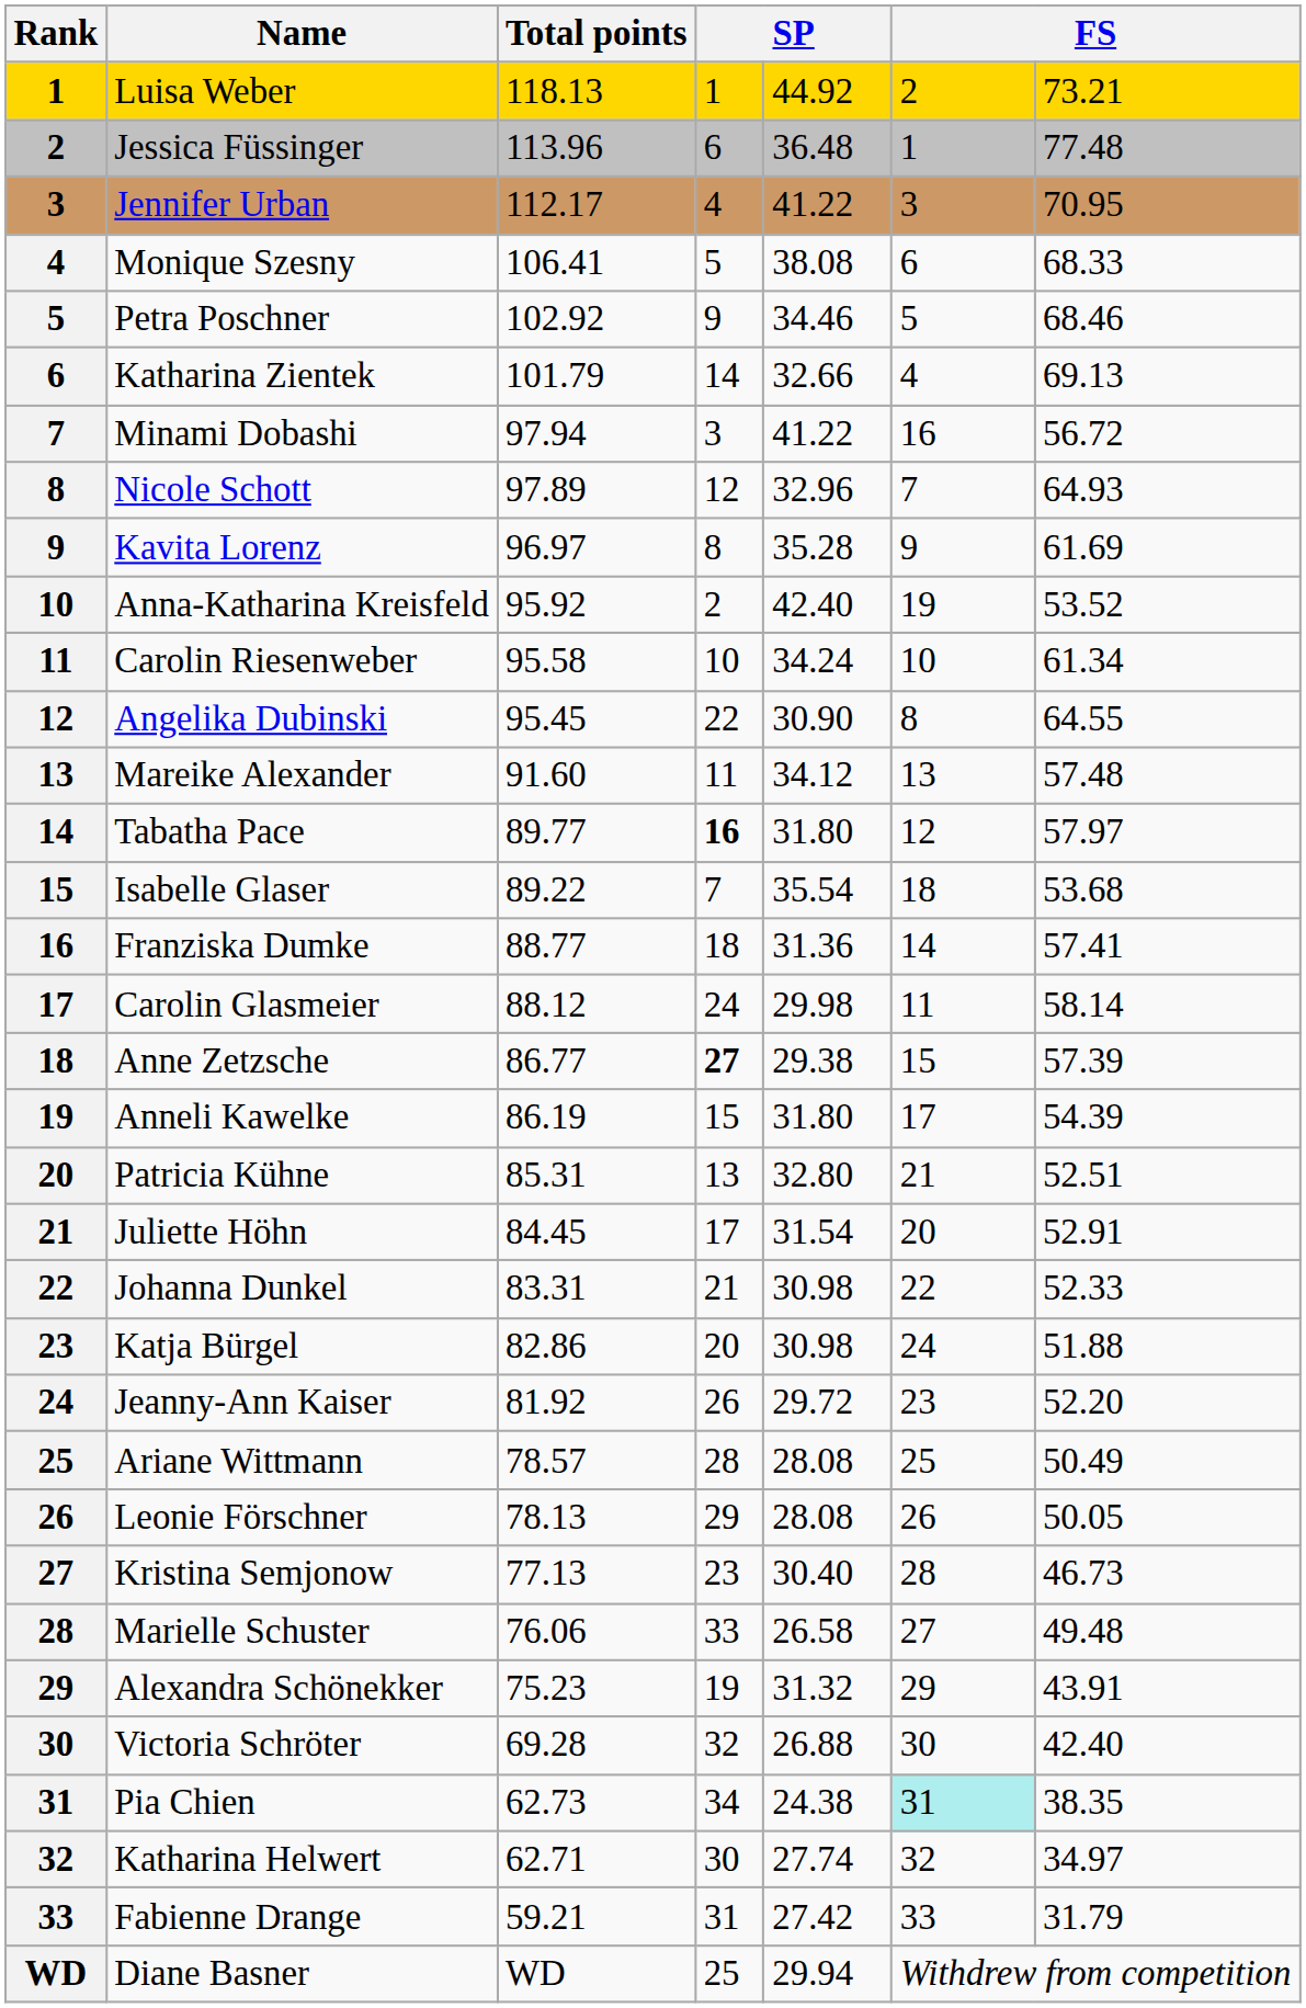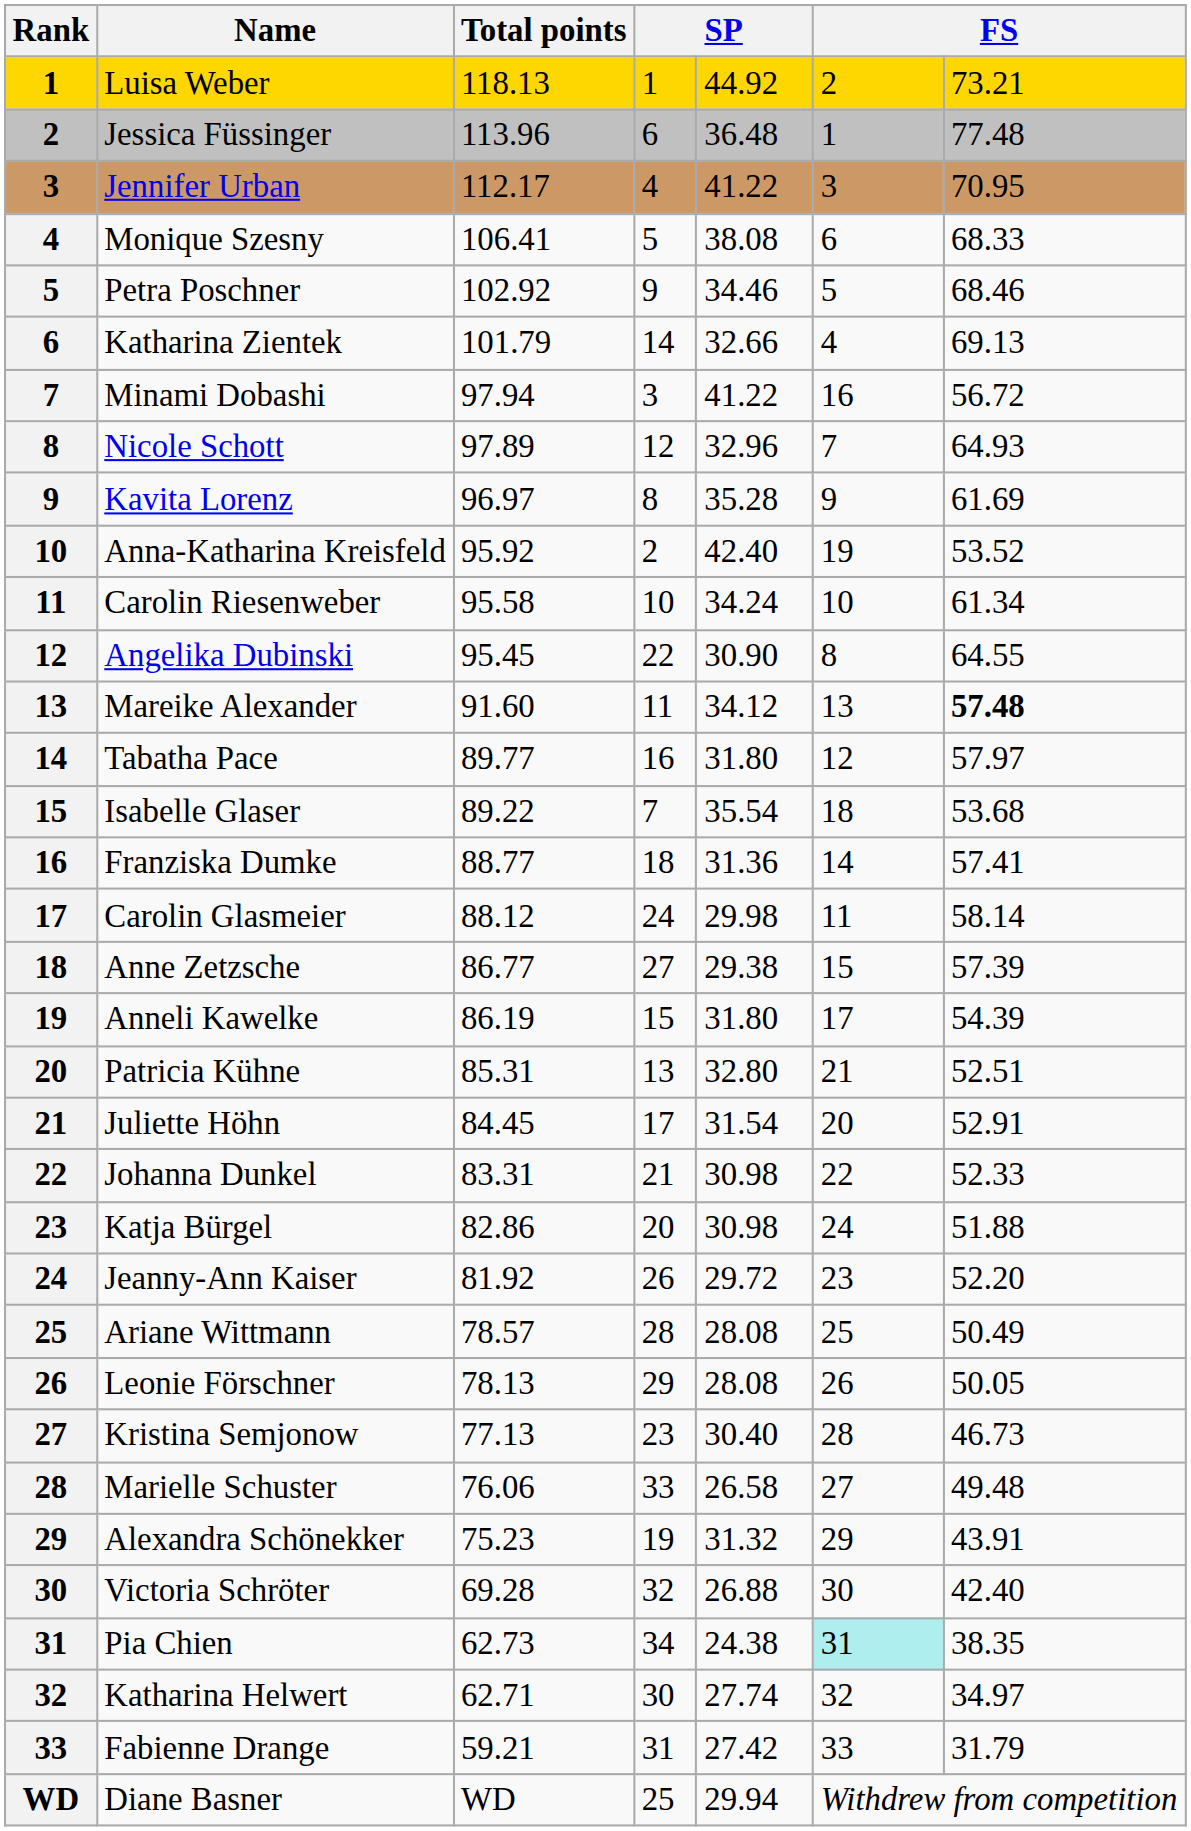 <table class="wikitable sortable">
 <tr>
 <th>Rank</th>
 <th>Name</th>
 <th>Total points</th>
 <th colspan="2" width="80px"><a href='#'>SP</a></th>
 <th colspan="2" width="80px"><a href='#'>FS</a></th>
 </tr>
 <tr bgcolor="gold">
 <td align="center"><strong>1</strong></td>
 <td>Luisa Weber</td>
 <td>118.13</td>
 <td>1</td>
 <td>44.92</td>
 <td>2</td>
 <td>73.21</td>
 </tr>
 <tr bgcolor="silver">
 <td align="center"><strong>2</strong></td>
 <td>Jessica Füssinger</td>
 <td>113.96</td>
 <td>6</td>
 <td>36.48</td>
 <td>1</td>
 <td>77.48</td>
 </tr>
 <tr bgcolor="cc9966">
 <td align="center"><strong>3</strong></td>
 <td><a href='#'>Jennifer Urban</a></td>
 <td>112.17</td>
 <td>4</td>
 <td>41.22</td>
 <td>3</td>
 <td>70.95</td>
 </tr>
 <tr>
 <th>4</th>
 <td>Monique Szesny</td>
 <td>106.41</td>
 <td>5</td>
 <td>38.08</td>
 <td>6</td>
 <td>68.33</td>
 </tr>
 <tr>
 <th>5</th>
 <td>Petra Poschner</td>
 <td>102.92</td>
 <td>9</td>
 <td>34.46</td>
 <td>5</td>
 <td>68.46</td>
 </tr>
 <tr>
 <th>6</th>
 <td>Katharina Zientek</td>
 <td>101.79</td>
 <td>14</td>
 <td>32.66</td>
 <td>4</td>
 <td>69.13</td>
 </tr>
 <tr>
 <th>7</th>
 <td>Minami Dobashi</td>
 <td>97.94</td>
 <td>3</td>
 <td>41.22</td>
 <td>16</td>
 <td>56.72</td>
 </tr>
 <tr>
 <th>8</th>
 <td><a href='#'>Nicole Schott</a></td>
 <td>97.89</td>
 <td>12</td>
 <td>32.96</td>
 <td>7</td>
 <td>64.93</td>
 </tr>
 <tr>
 <th>9</th>
 <td><a href='#'>Kavita Lorenz</a></td>
 <td>96.97</td>
 <td>8</td>
 <td>35.28</td>
 <td>9</td>
 <td>61.69</td>
 </tr>
 <tr>
 <th>10</th>
 <td>Anna-Katharina Kreisfeld</td>
 <td>95.92</td>
 <td>2</td>
 <td>42.40</td>
 <td>19</td>
 <td>53.52</td>
 </tr>
 <tr>
 <th>11</th>
 <td>Carolin Riesenweber</td>
 <td>95.58</td>
 <td>10</td>
 <td>34.24</td>
 <td>10</td>
 <td>61.34</td>
 </tr>
 <tr>
 <th>12</th>
 <td><a href='#'>Angelika Dubinski</a></td>
 <td>95.45</td>
 <td>22</td>
 <td>30.90</td>
 <td>8</td>
 <td>64.55</td>
 </tr>
 <tr>
 <th>13</th>
 <td>Mareike Alexander</td>
 <td>91.60</td>
 <td>11</td>
 <td>34.12</td>
 <td>13</td>
-<td>57.48</td>
+<td><strong>57.48</strong></td>
 </tr>
 <tr>
 <th>14</th>
 <td>Tabatha Pace</td>
 <td>89.77</td>
-<td><strong>16</strong></td>
+<td>16</td>
 <td>31.80</td>
 <td>12</td>
 <td>57.97</td>
 </tr>
 <tr>
 <th>15</th>
 <td>Isabelle Glaser</td>
 <td>89.22</td>
 <td>7</td>
 <td>35.54</td>
 <td>18</td>
 <td>53.68</td>
 </tr>
 <tr>
 <th>16</th>
 <td>Franziska Dumke</td>
 <td>88.77</td>
 <td>18</td>
 <td>31.36</td>
 <td>14</td>
 <td>57.41</td>
 </tr>
 <tr>
 <th>17</th>
 <td>Carolin Glasmeier</td>
 <td>88.12</td>
 <td>24</td>
 <td>29.98</td>
 <td>11</td>
 <td>58.14</td>
 </tr>
 <tr>
 <th>18</th>
 <td>Anne Zetzsche</td>
 <td>86.77</td>
-<td><strong>27</strong></td>
+<td>27</td>
 <td>29.38</td>
 <td>15</td>
 <td>57.39</td>
 </tr>
 <tr>
 <th>19</th>
 <td>Anneli Kawelke</td>
 <td>86.19</td>
 <td>15</td>
 <td>31.80</td>
 <td>17</td>
 <td>54.39</td>
 </tr>
 <tr>
 <th>20</th>
 <td>Patricia Kühne</td>
 <td>85.31</td>
 <td>13</td>
 <td>32.80</td>
 <td>21</td>
 <td>52.51</td>
 </tr>
 <tr>
 <th>21</th>
 <td>Juliette Höhn</td>
 <td>84.45</td>
 <td>17</td>
 <td>31.54</td>
 <td>20</td>
 <td>52.91</td>
 </tr>
 <tr>
 <th>22</th>
 <td>Johanna Dunkel</td>
 <td>83.31</td>
 <td>21</td>
 <td>30.98</td>
 <td>22</td>
 <td>52.33</td>
 </tr>
 <tr>
 <th>23</th>
 <td>Katja Bürgel</td>
 <td>82.86</td>
 <td>20</td>
 <td>30.98</td>
 <td>24</td>
 <td>51.88</td>
 </tr>
 <tr>
 <th>24</th>
 <td>Jeanny-Ann Kaiser</td>
 <td>81.92</td>
 <td>26</td>
 <td>29.72</td>
 <td>23</td>
 <td>52.20</td>
 </tr>
 <tr>
 <th>25</th>
 <td>Ariane Wittmann</td>
 <td>78.57</td>
 <td>28</td>
 <td>28.08</td>
 <td>25</td>
 <td>50.49</td>
 </tr>
 <tr>
 <th>26</th>
 <td>Leonie Förschner</td>
 <td>78.13</td>
 <td>29</td>
 <td>28.08</td>
 <td>26</td>
 <td>50.05</td>
 </tr>
 <tr>
 <th>27</th>
 <td>Kristina Semjonow</td>
 <td>77.13</td>
 <td>23</td>
 <td>30.40</td>
 <td>28</td>
 <td>46.73</td>
 </tr>
 <tr>
 <th>28</th>
 <td>Marielle Schuster</td>
 <td>76.06</td>
 <td>33</td>
 <td>26.58</td>
 <td>27</td>
 <td>49.48</td>
 </tr>
 <tr>
 <th>29</th>
 <td>Alexandra Schönekker</td>
 <td>75.23</td>
 <td>19</td>
 <td>31.32</td>
 <td>29</td>
 <td>43.91</td>
 </tr>
 <tr>
 <th>30</th>
 <td>Victoria Schröter</td>
 <td>69.28</td>
 <td>32</td>
 <td>26.88</td>
 <td>30</td>
 <td>42.40</td>
 </tr>
 <tr>
 <th>31</th>
 <td>Pia Chien</td>
 <td>62.73</td>
 <td>34</td>
 <td>24.38</td>
 <td style="background: paleturquoise;">31</td>
 <td>38.35</td>
 </tr>
 <tr>
 <th>32</th>
 <td>Katharina Helwert</td>
 <td>62.71</td>
 <td>30</td>
 <td>27.74</td>
 <td>32</td>
 <td>34.97</td>
 </tr>
 <tr>
 <th>33</th>
 <td>Fabienne Drange</td>
 <td>59.21</td>
 <td>31</td>
 <td>27.42</td>
 <td>33</td>
 <td>31.79</td>
 </tr>
 <tr>
 <th>WD</th>
 <td>Diane Basner</td>
 <td>WD</td>
 <td>25</td>
 <td>29.94</td>
 <td colspan="2"><em>Withdrew from competition</em></td>
 </tr>
 </table>
